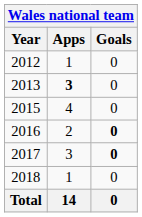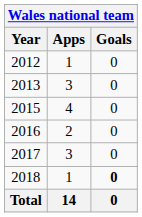 <table class=wikitable style=text-align:center>
 <tr>
 <th colspan="3"><a href='#'>Wales national team</a></th>
 </tr>
 <tr>
 <th>Year</th>
 <th>Apps</th>
 <th>Goals</th>
 </tr>
 <tr>
 <td>2012</td>
 <td>1</td>
 <td>0</td>
 </tr>
 <tr>
 <td>2013</td>
-<td><strong>3</strong></td>
+<td>3</td>
 <td>0</td>
 </tr>
 <tr>
 <td>2015</td>
 <td>4</td>
 <td>0</td>
 </tr>
 <tr>
 <td>2016</td>
 <td>2</td>
-<td><strong>0</strong></td>
+<td>0</td>
 </tr>
 <tr>
 <td>2017</td>
 <td>3</td>
-<td><strong>0</strong></td>
+<td>0</td>
 </tr>
 <tr>
 <td>2018</td>
 <td>1</td>
-<td>0</td>
+<td><strong>0</strong></td>
 </tr>
 <tr>
 <th>Total</th>
 <th>14</th>
 <th>0</th>
 </tr>
 </table>
